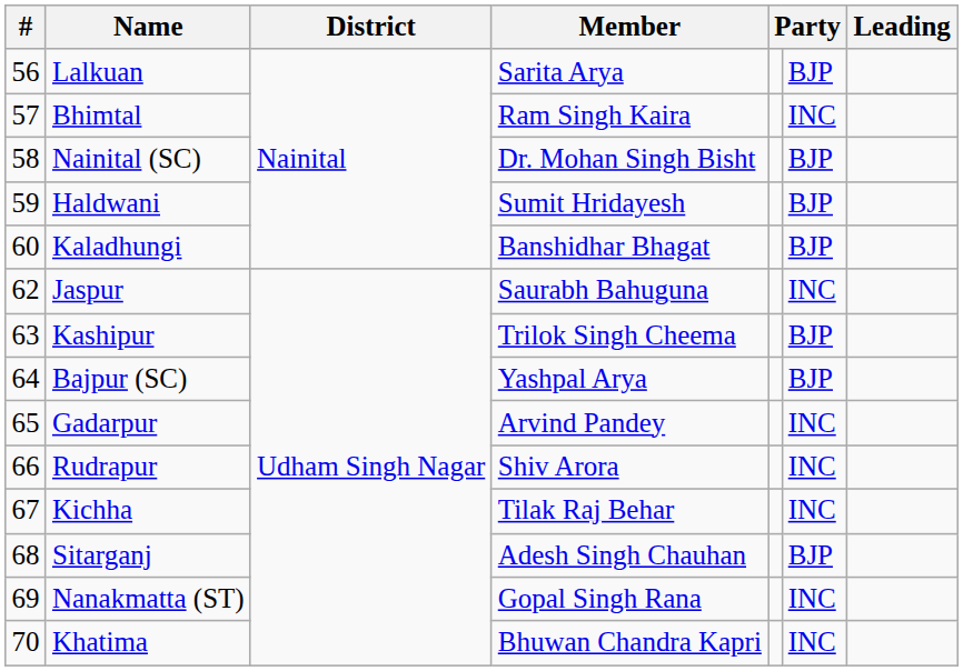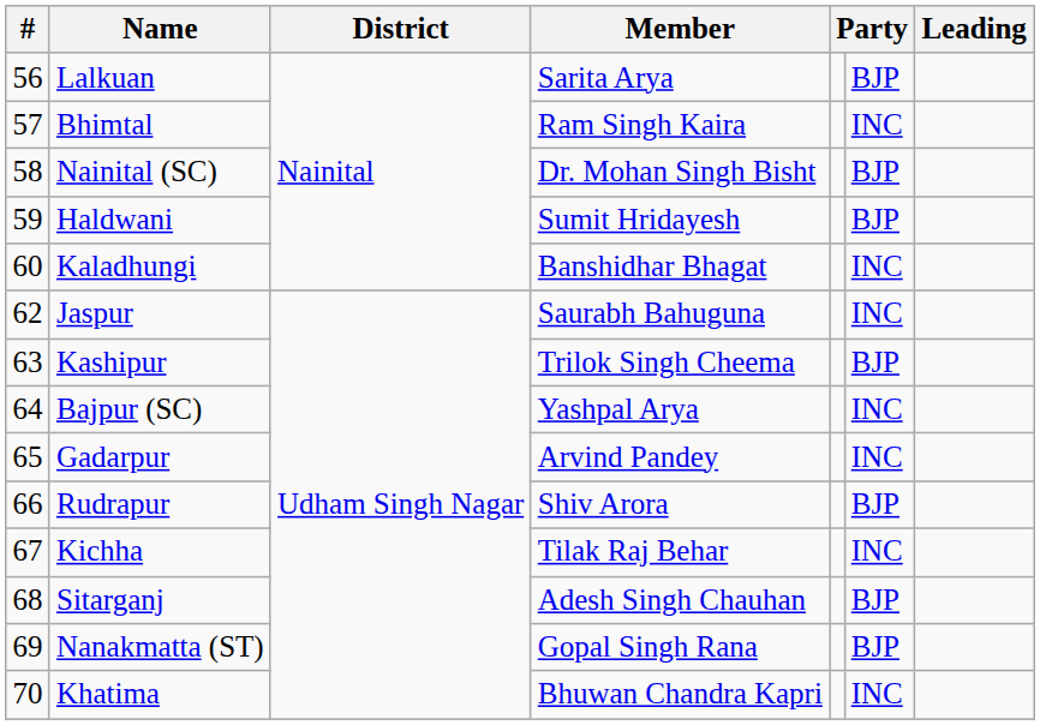 <table class="wikitable">
 <tr>
 <th>#</th>
 <th>Name</th>
 <th>District</th>
 <th>Member</th>
 <th colspan="2">Party</th>
 <th colspan="2">Leading<br></th>
 </tr>
 <tr>
 <td align="center">56</td>
 <td><a href='#'>Lalkuan</a></td>
 <td rowspan="5"><a href='#'>Nainital</a></td>
 <td><a href='#'>Sarita Arya</a></td>
 <td style="background-color: "></td>
 <td><a href='#'>BJP</a></td>
 <td></td>
 </tr>
 <tr>
 <td align="center">57</td>
 <td><a href='#'>Bhimtal</a></td>
 <td><a href='#'>Ram Singh Kaira</a></td>
 <td style="background-color: "></td>
 <td><a href='#'>INC</a></td>
 <td></td>
 </tr>
 <tr>
 <td align="center">58</td>
 <td><a href='#'>Nainital</a> (SC)</td>
 <td><a href='#'>Dr. Mohan Singh Bisht</a></td>
 <td style="background-color: "></td>
 <td><a href='#'>BJP</a></td>
 <td></td>
 </tr>
 <tr>
 <td align="center">59</td>
 <td><a href='#'>Haldwani</a></td>
 <td><a href='#'>Sumit Hridayesh</a></td>
 <td style="background-color: "></td>
 <td><a href='#'>BJP</a></td>
 <td></td>
 </tr>
 <tr>
 <td align="center">60</td>
 <td><a href='#'>Kaladhungi</a></td>
 <td><a href='#'>Banshidhar Bhagat</a></td>
 <td style="background-color: "></td>
-<td><a href='#'>BJP</a></td>
+<td><a href='#'>INC</a></td>
 <td></td>
 </tr>
 <tr>
 <td align="center">62</td>
 <td><a href='#'>Jaspur</a></td>
 <td rowspan="9"><a href='#'>Udham Singh Nagar</a></td>
 <td><a href='#'>Saurabh Bahuguna</a></td>
 <td style="background-color: "></td>
 <td><a href='#'>INC</a></td>
 <td></td>
 </tr>
 <tr>
 <td align="center">63</td>
 <td><a href='#'>Kashipur</a></td>
 <td><a href='#'>Trilok Singh Cheema</a></td>
 <td style="background-color: "></td>
 <td><a href='#'>BJP</a></td>
 <td></td>
 </tr>
 <tr>
 <td align="center">64</td>
 <td><a href='#'>Bajpur</a> (SC)</td>
 <td><a href='#'>Yashpal Arya</a></td>
 <td style="background-color: "></td>
-<td><a href='#'>BJP</a></td>
+<td><a href='#'>INC</a></td>
 <td></td>
 </tr>
 <tr>
 <td align="center">65</td>
 <td><a href='#'>Gadarpur</a></td>
 <td><a href='#'>Arvind Pandey</a></td>
 <td style="background-color: "></td>
 <td><a href='#'>INC</a></td>
 <td></td>
 </tr>
 <tr>
 <td align="center">66</td>
 <td><a href='#'>Rudrapur</a></td>
 <td><a href='#'>Shiv Arora</a></td>
 <td style="background-color: "></td>
-<td><a href='#'>INC</a></td>
+<td><a href='#'>BJP</a></td>
 <td></td>
 </tr>
 <tr>
 <td align="center">67</td>
 <td><a href='#'>Kichha</a></td>
 <td><a href='#'>Tilak Raj Behar</a></td>
 <td style="background-color: "></td>
 <td><a href='#'>INC</a></td>
 <td></td>
 </tr>
 <tr>
 <td align="center">68</td>
 <td><a href='#'>Sitarganj</a></td>
 <td><a href='#'>Adesh Singh Chauhan</a></td>
 <td style="background-color: "></td>
 <td><a href='#'>BJP</a></td>
 <td></td>
 </tr>
 <tr>
 <td align="center">69</td>
 <td><a href='#'>Nanakmatta</a> (ST)</td>
 <td><a href='#'>Gopal Singh Rana</a></td>
 <td style="background-color: "></td>
-<td><a href='#'>INC</a></td>
+<td><a href='#'>BJP</a></td>
 <td></td>
 </tr>
 <tr>
 <td align="center">70</td>
 <td><a href='#'>Khatima</a></td>
 <td><a href='#'>Bhuwan Chandra Kapri</a></td>
 <td style="background-color: "></td>
 <td><a href='#'>INC</a></td>
 <td></td>
 </tr>
 </table>
